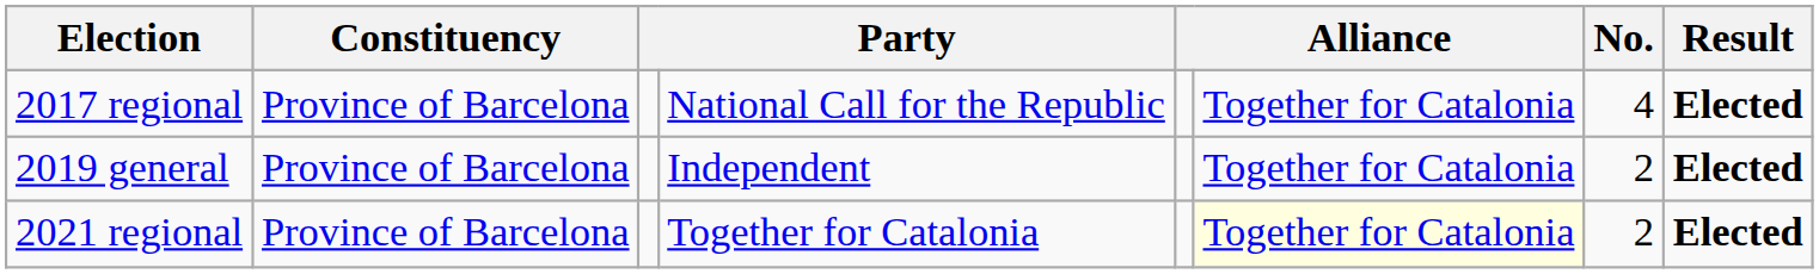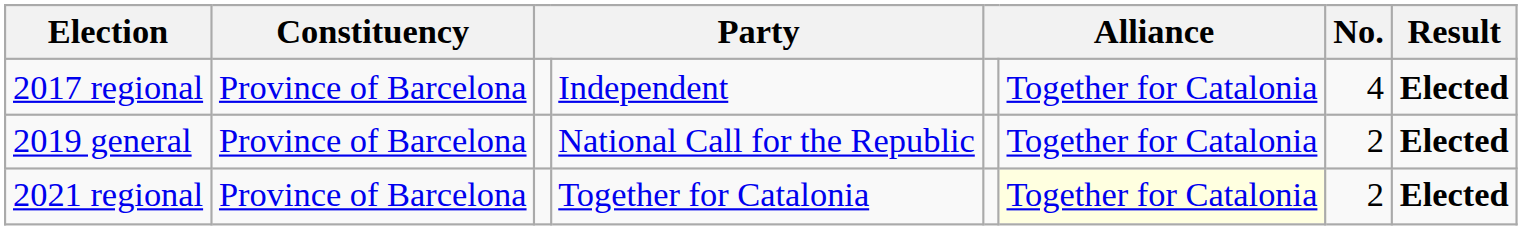 <table class="wikitable" style="text-align:left;">
 <tr>
 <th scope=col>Election</th>
 <th scope=col>Constituency</th>
 <th scope=col colspan="2">Party</th>
 <th scope=col colspan="2">Alliance</th>
 <th scope=col>No.</th>
 <th scope=col>Result</th>
 </tr>
 <tr>
 <td><a href='#'>2017 regional</a></td>
 <td><a href='#'>Province of Barcelona</a></td>
 <td style="background:"></td>
-<td><a href='#'>National Call for the Republic</a></td>
+<td><a href='#'>Independent</a></td>
 <td style="background:"></td>
 <td><a href='#'>Together for Catalonia</a></td>
 <td align=right>4</td>
 <td><strong>Elected</strong></td>
 </tr>
 <tr>
 <td><a href='#'>2019 general</a></td>
 <td><a href='#'>Province of Barcelona</a></td>
 <td style="background:"></td>
-<td><a href='#'>Independent</a></td>
+<td><a href='#'>National Call for the Republic</a></td>
 <td style="background:"></td>
 <td><a href='#'>Together for Catalonia</a></td>
 <td align=right>2</td>
 <td><strong>Elected</strong></td>
 </tr>
 <tr>
 <td><a href='#'>2021 regional</a></td>
 <td><a href='#'>Province of Barcelona</a></td>
 <td style="background:"></td>
 <td><a href='#'>Together for Catalonia</a></td>
 <td style="background:"></td>
 <td style="background: lightyellow;"><a href='#'>Together for Catalonia</a></td>
 <td align=right>2</td>
 <td><strong>Elected</strong></td>
 </tr>
 </table>
